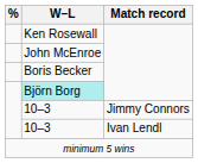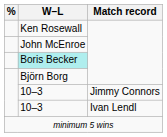 <table class="wikitable" style="display:inline-table;">
 <tr>
 <th>%</th>
 <th>W–L</th>
 <th>Match record</th>
 </tr>
 <tr>
 <td></td>
 <td> Ken Rosewall</td>
 </tr>
 <tr>
 <td></td>
 <td> John McEnroe</td>
 </tr>
 <tr>
 <td></td>
-<td> Boris Becker</td>
+<td style="background: paleturquoise;"> Boris Becker</td>
 </tr>
 <tr>
 <td rowspan="3"></td>
-<td style="background: paleturquoise;"> Björn Borg</td>
+<td> Björn Borg</td>
 </tr>
 <tr>
 <td>10–3</td>
 <td> Jimmy Connors</td>
 </tr>
 <tr>
 <td>10–3</td>
 <td> Ivan Lendl</td>
 </tr>
 <tr>
 <td colspan="3" style="text-align: center;"><small><em>minimum 5 wins</em></small></td>
 </tr>
 </table>
